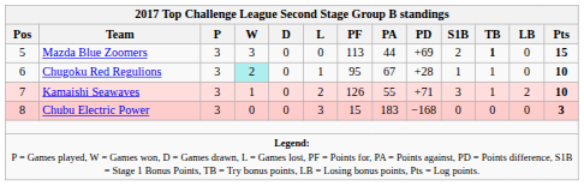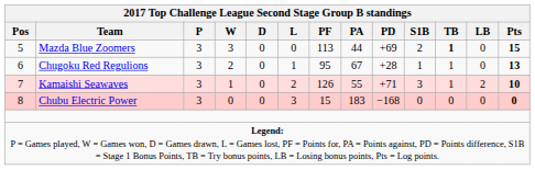 <table class="wikitable" style="text-align:center; font-size:100%; width:60%;">
 <tr>
 <th colspan="100%" cellpadding="0" cellspacing="0"><strong>2017 Top Challenge League Second Stage Group B standings</strong></th>
 </tr>
 <tr>
 <th style="width:6%;">Pos</th>
 <th style="width:28%;">Team</th>
 <th style="width:6%;">P</th>
 <th style="width:6%;">W</th>
 <th style="width:6%;">D</th>
 <th style="width:6%;">L</th>
 <th style="width:6%;">PF</th>
 <th style="width:6%;">PA</th>
 <th style="width:6%;">PD</th>
 <th style="width:6%;">S1B</th>
 <th style="width:6%;">TB</th>
 <th style="width:6%;">LB</th>
 <th style="width:6%;">Pts<br></th>
 </tr>
 <tr>
 <td>5</td>
 <td style="text-align:left;"><a href='#'>Mazda Blue Zoomers</a></td>
 <td>3</td>
 <td>3</td>
 <td>0</td>
 <td>0</td>
 <td>113</td>
 <td>44</td>
 <td>+69</td>
 <td>2</td>
 <td><strong>1</strong></td>
 <td>0</td>
 <td><strong>15</strong></td>
 </tr>
 <tr>
 <td>6</td>
 <td style="text-align:left;"><a href='#'>Chugoku Red Regulions</a></td>
 <td>3</td>
-<td style="background: paleturquoise;">2</td>
+<td>2</td>
 <td>0</td>
 <td>1</td>
 <td>95</td>
 <td>67</td>
 <td>+28</td>
 <td>1</td>
 <td>1</td>
 <td>0</td>
-<td><strong>10</strong></td>
+<td><strong>13</strong></td>
 </tr>
 <tr style="background:#FFDDDD;">
 <td>7</td>
 <td style="text-align:left;"><a href='#'>Kamaishi Seawaves</a></td>
 <td>3</td>
 <td>1</td>
 <td>0</td>
 <td>2</td>
 <td>126</td>
 <td>55</td>
 <td>+71</td>
 <td>3</td>
 <td>1</td>
 <td>2</td>
 <td><strong>10</strong></td>
 </tr>
 <tr style="background:#FFCCCC;">
 <td>8</td>
 <td style="text-align:left;"><a href='#'>Chubu Electric Power</a></td>
 <td>3</td>
 <td>0</td>
 <td>0</td>
 <td>3</td>
 <td>15</td>
 <td>183</td>
 <td>−168</td>
 <td>0</td>
 <td>0</td>
 <td>0</td>
-<td><strong>3</strong></td>
+<td><strong>0</strong></td>
 </tr>
 <tr>
 <td colspan="100%" style="height:10px;"></td>
 </tr>
 <tr>
 <td colspan="100%"><small><strong>Legend:</strong> <br> P = Games played, W = Games won, D = Games drawn, L = Games lost, PF = Points for, PA = Points against, PD = Points difference, S1B = Stage 1 Bonus Points, TB = Try bonus points, LB = Losing bonus points, Pts = Log points.</small></td>
 </tr>
 </table>
